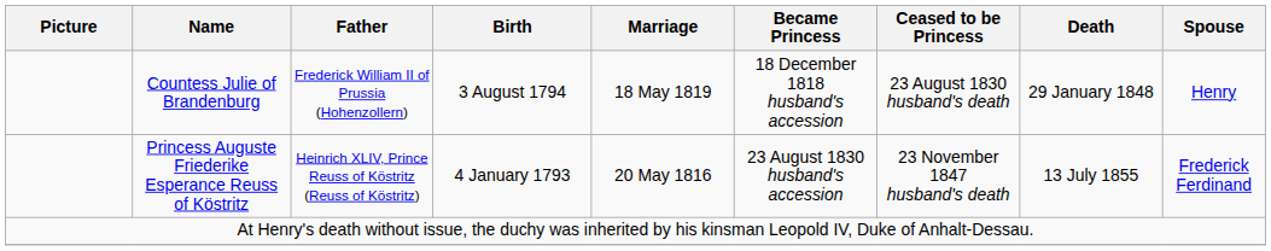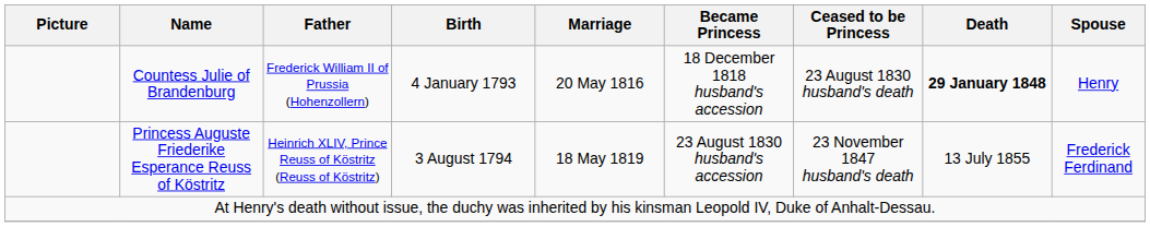 <table width=95% class="wikitable">
 <tr>
 <th width = "8%">Picture</th>
 <th width = "10%">Name</th>
 <th width = "9%">Father</th>
 <th width = "10%">Birth</th>
 <th width = "9%">Marriage</th>
 <th width = "9%">Became Princess</th>
 <th width = "9%">Ceased to be Princess</th>
 <th width = "9%">Death</th>
 <th width = "6%">Spouse</th>
 </tr>
 <tr>
 <td align="center"></td>
 <td align="center"><a href='#'>Countess Julie of Brandenburg</a></td>
 <td align="center"><small><a href='#'>Frederick William II of Prussia</a><br>(<a href='#'>Hohenzollern</a>)</small></td>
-<td align="center">3 August 1794</td>
-<td align="center">18 May 1819</td>
+<td align="center">4 January 1793</td>
+<td align="center">20 May 1816</td>
 <td align="center">18 December 1818<br><em>husband's accession</em></td>
 <td align="center">23 August 1830<br><em>husband's death</em></td>
-<td align="center">29 January 1848</td>
+<td align="center"><strong>29 January 1848</strong></td>
 <td align="center"><a href='#'>Henry</a></td>
 </tr>
 <tr>
 <td align="center"></td>
 <td align="center"><a href='#'>Princess Auguste Friederike Esperance Reuss of Köstritz</a></td>
 <td align="center"><small><a href='#'>Heinrich XLIV, Prince Reuss of Köstritz</a><br>(<a href='#'>Reuss of Köstritz</a>)</small></td>
-<td align="center">4 January 1793</td>
-<td align="center">20 May 1816</td>
+<td align="center">3 August 1794</td>
+<td align="center">18 May 1819</td>
 <td align="center">23 August 1830<br><em>husband's accession</em></td>
 <td align="center">23 November 1847<br><em>husband's death</em></td>
 <td align="center">13 July 1855</td>
 <td align="center"><a href='#'>Frederick Ferdinand</a></td>
 </tr>
 <tr>
 <td align="center" colspan="9">At Henry's death without issue, the duchy was inherited by his kinsman Leopold IV, Duke of Anhalt-Dessau.</td>
 </tr>
 <tr>
 </tr>
 </table>
